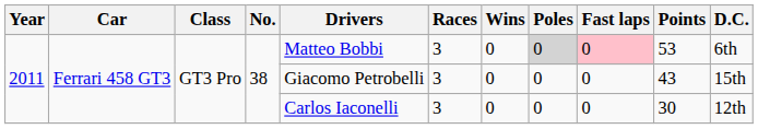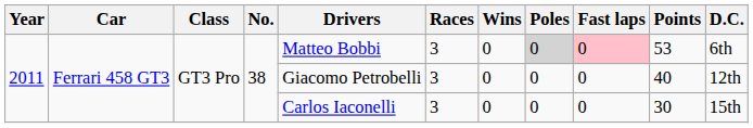 <table class="wikitable" style="font-size:95%">
 <tr>
 <th>Year</th>
 <th>Car</th>
 <th>Class</th>
 <th>No.</th>
 <th>Drivers</th>
 <th>Races</th>
 <th>Wins</th>
 <th>Poles</th>
 <th>Fast laps</th>
 <th>Points</th>
 <th>D.C.</th>
 </tr>
 <tr>
 <td rowspan="3"><a href='#'>2011</a></td>
 <td rowspan="3"><a href='#'> Ferrari 458 GT3</a></td>
 <td rowspan="3">GT3 Pro</td>
 <td rowspan="3">38</td>
 <td> <a href='#'>Matteo Bobbi</a></td>
 <td>3</td>
 <td>0</td>
 <td style="background: lightgrey;">0</td>
 <td style="background: pink;">0</td>
 <td>53</td>
 <td>6th</td>
 </tr>
 <tr>
 <td> Giacomo Petrobelli</td>
 <td>3</td>
 <td>0</td>
 <td>0</td>
 <td>0</td>
-<td>43</td>
-<td>15th</td>
+<td>40</td>
+<td>12th</td>
 </tr>
 <tr>
 <td> <a href='#'>Carlos Iaconelli</a></td>
 <td>3</td>
 <td>0</td>
 <td>0</td>
 <td>0</td>
 <td>30</td>
-<td>12th</td>
+<td>15th</td>
 </tr>
 <tr>
 </tr>
 </table>
